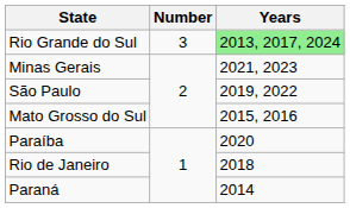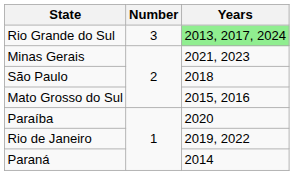 <table class="wikitable sortable" style="font-size: 95%;">
 <tr>
 <th>State</th>
 <th>Number</th>
 <th>Years</th>
 </tr>
 <tr>
 <td>Rio Grande do Sul</td>
 <td rowspan="1" style="text-align:center;">3</td>
 <td style="background: lightgreen;">2013, 2017, 2024</td>
 </tr>
 <tr>
 <td>Minas Gerais</td>
 <td rowspan="3" style="text-align:center;">2</td>
 <td>2021, 2023</td>
 </tr>
 <tr>
 <td>São Paulo</td>
-<td>2019, 2022</td>
+<td>2018</td>
 </tr>
 <tr>
 <td>Mato Grosso do Sul</td>
 <td>2015, 2016</td>
 </tr>
 <tr>
 <td>Paraíba</td>
 <td rowspan="3" style="text-align:center;">1</td>
 <td>2020</td>
 </tr>
 <tr>
 <td>Rio de Janeiro</td>
-<td>2018</td>
+<td>2019, 2022</td>
 </tr>
 <tr>
 <td>Paraná</td>
 <td>2014</td>
 </tr>
 </table>
